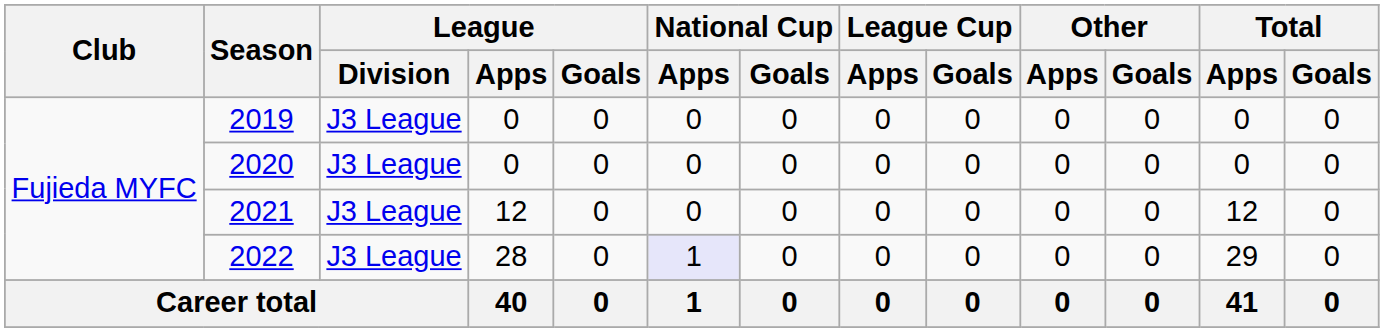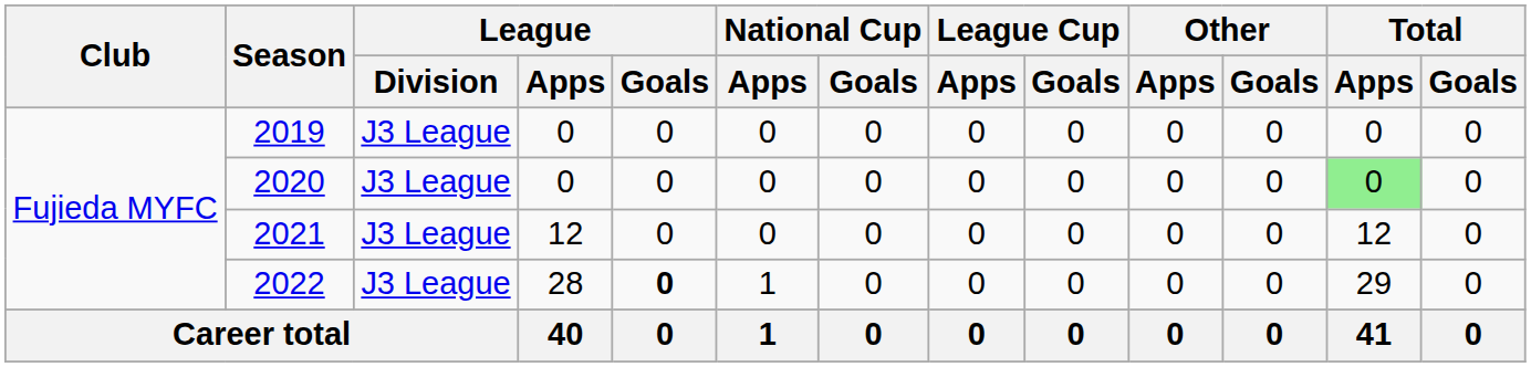 <table class="wikitable" style="text-align: center">
 <tr>
 <th rowspan="2">Club</th>
 <th rowspan="2">Season</th>
 <th colspan="3">League</th>
 <th colspan="2">National Cup</th>
 <th colspan="2">League Cup</th>
 <th colspan="2">Other</th>
 <th colspan="2">Total</th>
 </tr>
 <tr>
 <th>Division</th>
 <th>Apps</th>
 <th>Goals</th>
 <th>Apps</th>
 <th>Goals</th>
 <th>Apps</th>
 <th>Goals</th>
 <th>Apps</th>
 <th>Goals</th>
 <th>Apps</th>
 <th>Goals</th>
 </tr>
 <tr>
 <td rowspan=4><a href='#'>Fujieda MYFC</a></td>
 <td><a href='#'>2019</a></td>
 <td><a href='#'>J3 League</a></td>
 <td>0</td>
 <td>0</td>
 <td>0</td>
 <td>0</td>
 <td>0</td>
 <td>0</td>
 <td>0</td>
 <td>0</td>
 <td>0</td>
 <td>0</td>
 </tr>
 <tr>
 <td><a href='#'>2020</a></td>
 <td><a href='#'>J3 League</a></td>
 <td>0</td>
 <td>0</td>
 <td>0</td>
 <td>0</td>
 <td>0</td>
 <td>0</td>
 <td>0</td>
 <td>0</td>
-<td>0</td>
+<td style="background: lightgreen;">0</td>
 <td>0</td>
 </tr>
 <tr>
 <td><a href='#'>2021</a></td>
 <td><a href='#'>J3 League</a></td>
 <td>12</td>
 <td>0</td>
 <td>0</td>
 <td>0</td>
 <td>0</td>
 <td>0</td>
 <td>0</td>
 <td>0</td>
 <td>12</td>
 <td>0</td>
 </tr>
 <tr>
 <td><a href='#'>2022</a></td>
 <td><a href='#'>J3 League</a></td>
 <td>28</td>
-<td>0</td>
-<td style="background: lavender;">1</td>
+<td><strong>0</strong></td>
+<td>1</td>
 <td>0</td>
 <td>0</td>
 <td>0</td>
 <td>0</td>
 <td>0</td>
 <td>29</td>
 <td>0</td>
 </tr>
 <tr>
 <th colspan=3>Career total</th>
 <th>40</th>
 <th>0</th>
 <th>1</th>
 <th>0</th>
 <th>0</th>
 <th>0</th>
 <th>0</th>
 <th>0</th>
 <th>41</th>
 <th>0</th>
 </tr>
 </table>
